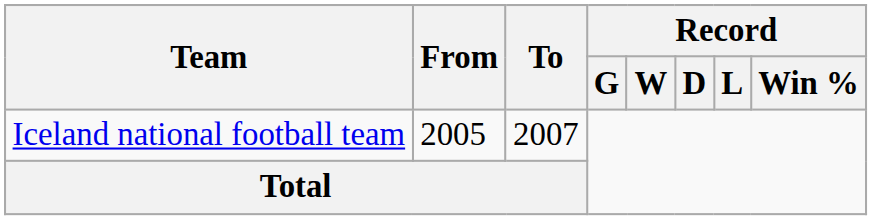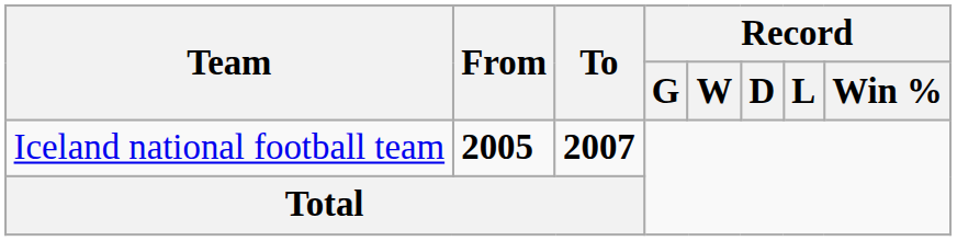 <table class="wikitable" style="text-align: center">
 <tr>
 <th rowspan="2">Team</th>
 <th rowspan="2">From</th>
 <th rowspan="2">To</th>
 <th colspan="6">Record</th>
 </tr>
 <tr>
 <th>G</th>
 <th>W</th>
 <th>D</th>
 <th>L</th>
 <th>Win %</th>
 </tr>
 <tr>
 <td align=left><a href='#'>Iceland national football team</a></td>
-<td align=left>2005</td>
-<td align=left>2007<br></td>
+<td align=left><strong>2005</strong></td>
+<td align=left><strong>2007<br></strong></td>
 </tr>
 <tr>
 <th colspan="3">Total<br></th>
 </tr>
 </table>
